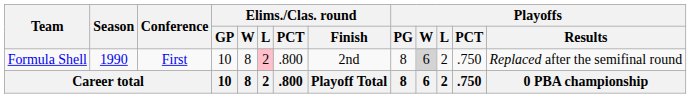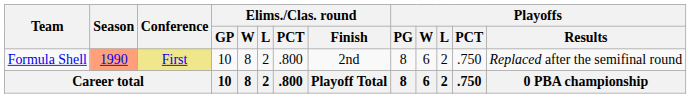 <table class="wikitable" style="text-align:center">
 <tr>
 <th rowspan="2">Team</th>
 <th rowspan="2">Season</th>
 <th rowspan="2">Conference</th>
 <th colspan="5">Elims./Clas. round</th>
 <th colspan="5">Playoffs</th>
 </tr>
 <tr>
 <th>GP</th>
 <th>W</th>
 <th>L</th>
 <th>PCT</th>
 <th>Finish</th>
 <th>PG</th>
 <th>W</th>
 <th>L</th>
 <th>PCT</th>
 <th>Results</th>
 </tr>
 <tr>
 <td><a href='#'>Formula Shell</a></td>
-<td><a href='#'>1990</a></td>
-<td><a href='#'>First</a></td>
+<td style="background: lightsalmon;"><a href='#'>1990</a></td>
+<td style="background: khaki;"><a href='#'>First</a></td>
 <td>10</td>
 <td>8</td>
-<td style="background: pink;">2</td>
+<td>2</td>
 <td>.800</td>
 <td>2nd</td>
 <td>8</td>
-<td style="background: lightgrey;">6</td>
+<td>6</td>
 <td>2</td>
 <td>.750</td>
 <td><em>Replaced</em> after the semifinal round</td>
 </tr>
 <tr>
 <th colspan="3"><strong>Career total</strong></th>
 <th>10</th>
 <th>8</th>
 <th>2</th>
 <th>.800</th>
 <th>Playoff Total</th>
 <th>8</th>
 <th>6</th>
 <th>2</th>
 <th><strong>.750</strong></th>
 <th><strong>0 PBA championship</strong></th>
 </tr>
 </table>
